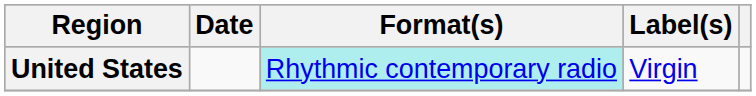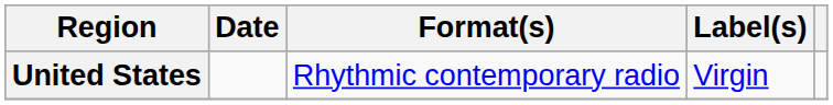 <table class="wikitable plainrowheaders" style="text-align:left">
 <tr>
 <th scope="col">Region</th>
 <th scope="col">Date</th>
 <th scope="col">Format(s)</th>
 <th scope="col">Label(s)</th>
 <th scope="col"></th>
 </tr>
 <tr>
 <th scope="row">United States</th>
 <td></td>
-<td style="background: paleturquoise;"><a href='#'>Rhythmic contemporary radio</a></td>
+<td><a href='#'>Rhythmic contemporary radio</a></td>
 <td><a href='#'>Virgin</a></td>
 <td></td>
 </tr>
 <tr>
 </tr>
 </table>
